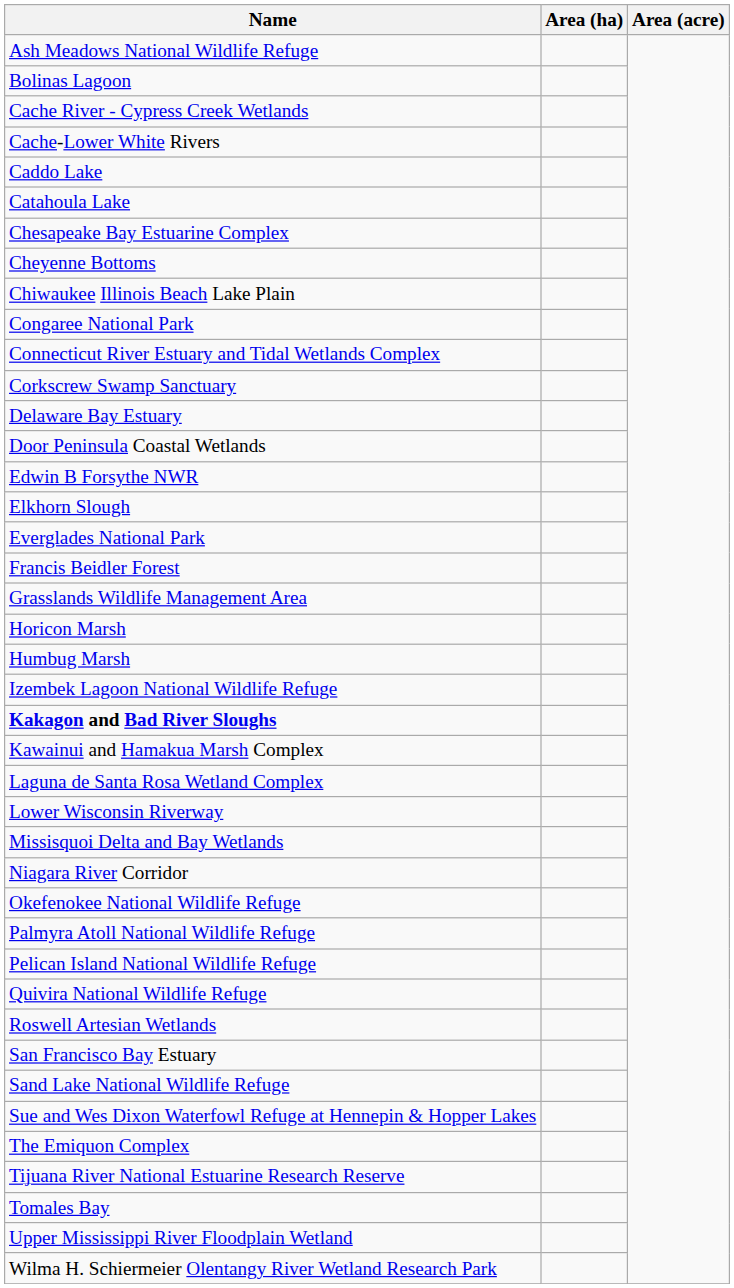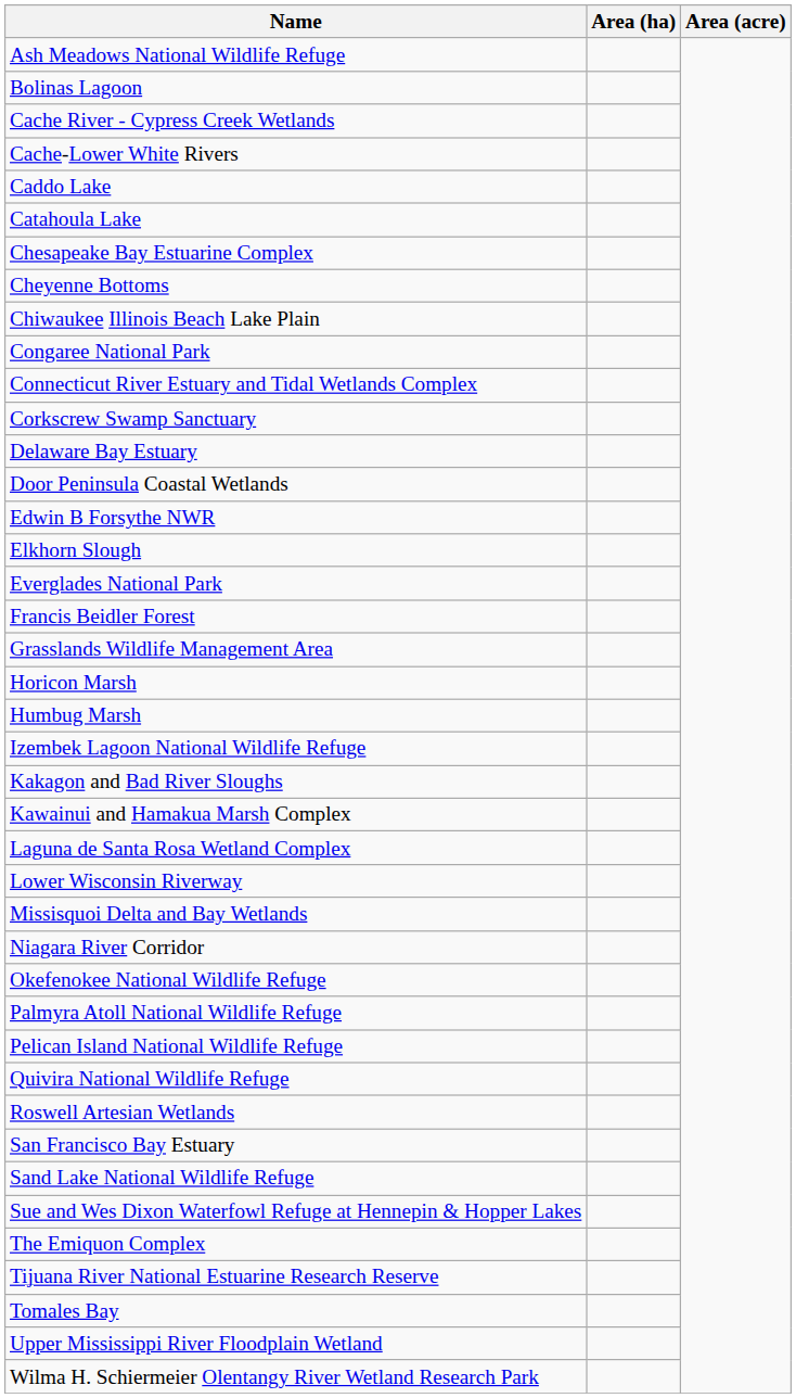 <table class="wikitable sortable">
 <tr>
 <th scope="col" align=left>Name</th>
 <th scope="col">Area (ha)</th>
 <th scope="col">Area (acre)</th>
 </tr>
 <tr ---->
 <td><a href='#'>Ash Meadows National Wildlife Refuge</a></td>
 <td></td>
 </tr>
 <tr ---->
 <td><a href='#'>Bolinas Lagoon</a></td>
 <td></td>
 </tr>
 <tr ---->
 <td><a href='#'>Cache River - Cypress Creek Wetlands</a></td>
 <td></td>
 </tr>
 <tr ---->
 <td><a href='#'>Cache</a>-<a href='#'>Lower White</a> Rivers</td>
 <td></td>
 </tr>
 <tr ---->
 <td><a href='#'>Caddo Lake</a></td>
 <td></td>
 </tr>
 <tr ---->
 <td><a href='#'>Catahoula Lake</a></td>
 <td></td>
 </tr>
 <tr ---->
 <td><a href='#'>Chesapeake Bay Estuarine Complex</a></td>
 <td></td>
 </tr>
 <tr ---->
 <td><a href='#'>Cheyenne Bottoms</a></td>
 <td></td>
 </tr>
 <tr ---->
 <td><a href='#'>Chiwaukee</a> <a href='#'>Illinois Beach</a> Lake Plain</td>
 <td></td>
 </tr>
 <tr ---->
 <td><a href='#'>Congaree National Park</a></td>
 <td></td>
 </tr>
 <tr ---->
 <td><a href='#'>Connecticut River Estuary and Tidal Wetlands Complex</a></td>
 <td></td>
 </tr>
 <tr ---->
 <td><a href='#'>Corkscrew Swamp Sanctuary</a></td>
 <td></td>
 </tr>
 <tr ---->
 <td><a href='#'>Delaware Bay Estuary</a></td>
 <td></td>
 </tr>
 <tr ---->
 <td><a href='#'>Door Peninsula</a> Coastal Wetlands</td>
 <td></td>
 </tr>
 <tr ---->
 <td><a href='#'>Edwin B Forsythe NWR</a></td>
 <td></td>
 </tr>
 <tr ---->
 <td><a href='#'>Elkhorn Slough</a></td>
 <td></td>
 </tr>
 <tr ---->
 <td><a href='#'>Everglades National Park</a></td>
 <td></td>
 </tr>
 <tr ---->
 <td><a href='#'>Francis Beidler Forest</a></td>
 <td></td>
 </tr>
 <tr ---->
 <td><a href='#'>Grasslands Wildlife Management Area</a></td>
 <td></td>
 </tr>
 <tr ---->
 <td><a href='#'>Horicon Marsh</a></td>
 <td></td>
 </tr>
 <tr ---->
 <td><a href='#'>Humbug Marsh</a></td>
 <td></td>
 </tr>
 <tr ---->
 <td><a href='#'>Izembek Lagoon National Wildlife Refuge</a></td>
 <td></td>
 </tr>
 <tr ---->
-<td><strong><a href='#'>Kakagon</a> and <a href='#'>Bad River Sloughs</a></strong></td>
+<td><a href='#'>Kakagon</a> and <a href='#'>Bad River Sloughs</a></td>
 <td></td>
 </tr>
 <tr ---->
 <td><a href='#'>Kawainui</a> and <a href='#'>Hamakua Marsh</a> Complex</td>
 <td></td>
 </tr>
 <tr ---->
 <td><a href='#'>Laguna de Santa Rosa Wetland Complex</a></td>
 <td></td>
 </tr>
 <tr ---->
 <td><a href='#'>Lower Wisconsin Riverway</a></td>
 <td></td>
 </tr>
 <tr ---->
 <td><a href='#'>Missisquoi Delta and Bay Wetlands</a></td>
 <td></td>
 </tr>
 <tr ---->
 <td><a href='#'>Niagara River</a> Corridor</td>
 <td></td>
 </tr>
 <tr ---->
 <td><a href='#'>Okefenokee National Wildlife Refuge</a></td>
 <td></td>
 </tr>
 <tr ---->
 <td><a href='#'>Palmyra Atoll National Wildlife Refuge </a></td>
 <td></td>
 </tr>
 <tr ---->
 <td><a href='#'>Pelican Island National Wildlife Refuge</a></td>
 <td></td>
 </tr>
 <tr ---->
 <td><a href='#'>Quivira National Wildlife Refuge</a></td>
 <td></td>
 </tr>
 <tr ---->
 <td><a href='#'>Roswell Artesian Wetlands</a></td>
 <td></td>
 </tr>
 <tr ---->
 <td><a href='#'>San Francisco Bay</a> Estuary</td>
 <td></td>
 </tr>
 <tr ---->
 <td><a href='#'>Sand Lake National Wildlife Refuge</a></td>
 <td></td>
 </tr>
 <tr ---->
 <td><a href='#'>Sue and Wes Dixon Waterfowl Refuge at Hennepin & Hopper Lakes</a></td>
 <td></td>
 </tr>
 <tr ---->
 <td><a href='#'>The Emiquon Complex</a></td>
 <td></td>
 </tr>
 <tr ---->
 <td><a href='#'>Tijuana River National Estuarine Research Reserve </a></td>
 <td></td>
 </tr>
 <tr ---->
 <td><a href='#'>Tomales Bay</a></td>
 <td></td>
 </tr>
 <tr ---->
 <td><a href='#'>Upper Mississippi River Floodplain Wetland</a></td>
 <td></td>
 </tr>
 <tr ---->
 <td>Wilma H. Schiermeier <a href='#'>Olentangy River Wetland Research Park</a></td>
 <td></td>
 </tr>
 </table>
